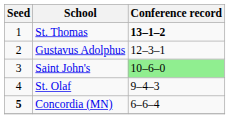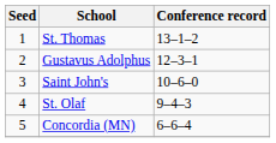 <table class="wikitable">
 <tr>
 <th>Seed</th>
 <th>School</th>
 <th>Conference record</th>
 </tr>
 <tr>
 <td align=center>1</td>
 <td><a href='#'>St. Thomas</a></td>
-<td><strong>13–1–2</strong></td>
+<td>13–1–2</td>
 </tr>
 <tr>
 <td align=center>2</td>
 <td><a href='#'>Gustavus Adolphus</a></td>
 <td>12–3–1</td>
 </tr>
 <tr>
 <td align=center>3</td>
 <td><a href='#'>Saint John's</a></td>
-<td style="background: lightgreen;">10–6–0</td>
+<td>10–6–0</td>
 </tr>
 <tr>
 <td align=center>4</td>
 <td><a href='#'>St. Olaf</a></td>
 <td>9–4–3</td>
 </tr>
 <tr>
-<td align=center><strong>5</strong></td>
+<td align=center>5</td>
 <td><a href='#'>Concordia (MN)</a></td>
 <td>6–6–4</td>
 </tr>
 <tr>
 </tr>
 </table>
